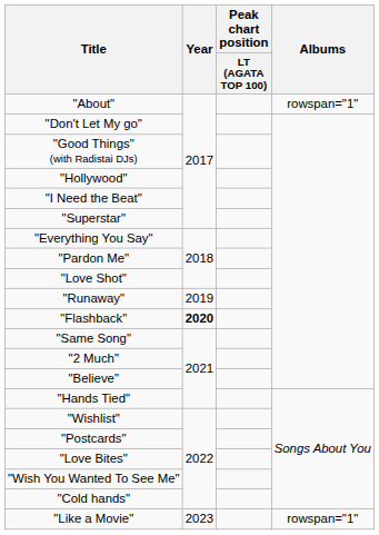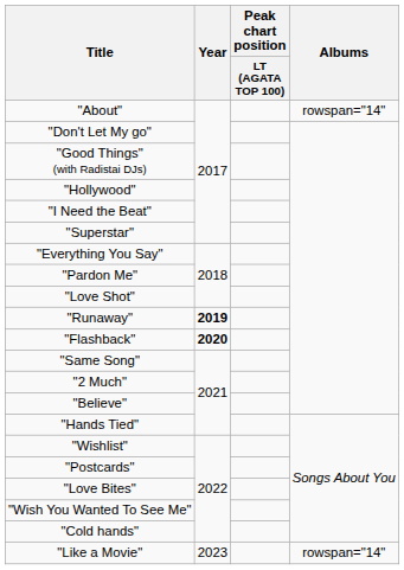 <table class="wikitable plainrowheaders" style="text-align:center;">
 <tr>
 <th rowspan="2" scope="col">Title</th>
 <th rowspan="2" scope="col">Year</th>
 <th colspan="1" scope="col">Peak chart position</th>
 <th rowspan="2" scope="col">Albums</th>
 </tr>
 <tr>
 <th scope="col" style="width:3em;font-size:85%;">LT (AGATA TOP 100)</th>
 </tr>
 <tr>
 <td>"About"</td>
 <td rowspan="6">2017</td>
 <td></td>
-<td>rowspan="1" </td>
+<td>rowspan="14" </td>
 </tr>
 <tr>
 <td>"Don't Let My go"</td>
 <td></td>
 </tr>
 <tr>
 <td>"Good Things"<br><small>(with Radistai DJs)</small></td>
 <td></td>
 </tr>
 <tr>
 <td>"Hollywood"</td>
 <td></td>
 </tr>
 <tr>
 <td>"I Need the Beat"</td>
 <td></td>
 </tr>
 <tr>
 <td>"Superstar"</td>
 <td></td>
 </tr>
 <tr>
 <td>"Everything You Say"</td>
 <td rowspan="3">2018</td>
 <td></td>
 </tr>
 <tr>
 <td>"Pardon Me"</td>
 <td></td>
 </tr>
 <tr>
 <td>"Love Shot"</td>
 <td></td>
 </tr>
 <tr>
 <td>"Runaway"</td>
-<td rowspan="1">2019</td>
+<td rowspan="1"><strong>2019</strong></td>
 <td></td>
 </tr>
 <tr>
 <td>"Flashback"</td>
 <td rowspan="1"><strong>2020</strong></td>
 <td></td>
 </tr>
 <tr>
 <td>"Same Song"</td>
 <td rowspan="4">2021</td>
 <td></td>
 </tr>
 <tr>
 <td>"2 Much"</td>
 <td></td>
 </tr>
 <tr>
 <td>"Believe"</td>
 <td></td>
 </tr>
 <tr>
 <td>"Hands Tied"</td>
 <td></td>
 <td rowspan="6"><em>Songs About You</em></td>
 </tr>
 <tr>
 <td>"Wishlist"</td>
 <td rowspan="5">2022</td>
 <td></td>
 </tr>
 <tr>
 <td>"Postcards"</td>
 <td></td>
 </tr>
 <tr>
 <td>"Love Bites"</td>
 <td></td>
 </tr>
 <tr>
 <td>"Wish You Wanted To See Me"</td>
 <td></td>
 </tr>
 <tr>
 <td>"Cold hands"</td>
 <td></td>
 </tr>
 <tr>
 <td>"Like a Movie"</td>
 <td rowspan="1">2023</td>
 <td></td>
-<td>rowspan="1" </td>
+<td>rowspan="14" </td>
 </tr>
 </table>
